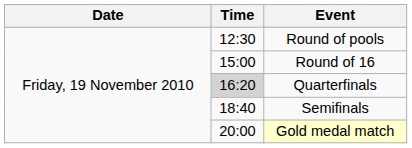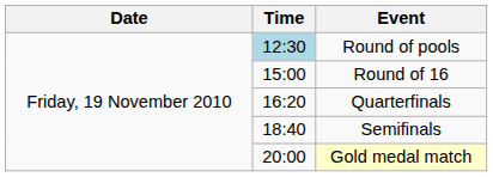 <table class = "wikitable" style="text-align:center;">
 <tr>
 <th width=220>Date</th>
 <th width=50>Time</th>
 <th width=150>Event</th>
 </tr>
 <tr>
 <td rowspan=5>Friday, 19 November 2010</td>
-<td>12:30</td>
+<td style="background: lightblue;">12:30</td>
 <td>Round of pools</td>
 </tr>
 <tr>
 <td>15:00</td>
 <td>Round of 16</td>
 </tr>
 <tr>
-<td style="background: lightgrey;">16:20</td>
+<td>16:20</td>
 <td>Quarterfinals</td>
 </tr>
 <tr>
 <td>18:40</td>
 <td>Semifinals</td>
 </tr>
 <tr>
 <td>20:00</td>
 <td bgcolor=ffffcc>Gold medal match</td>
 </tr>
 </table>
